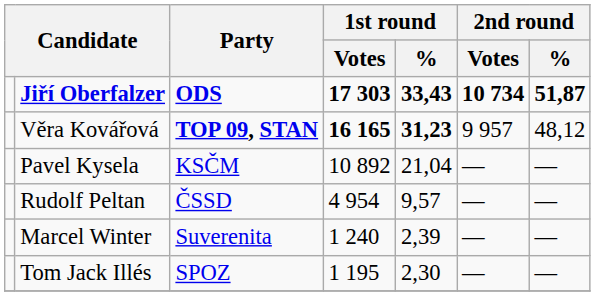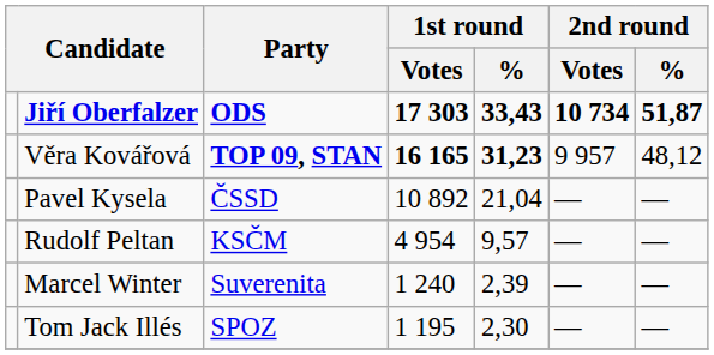 <table class="wikitable sortable">
 <tr>
 <th colspan="2" rowspan="2">Candidate</th>
 <th rowspan="2">Party</th>
 <th colspan="2">1st round</th>
 <th colspan="2">2nd round</th>
 </tr>
 <tr>
 <th>Votes</th>
 <th>%</th>
 <th>Votes</th>
 <th>%</th>
 </tr>
 <tr>
 <td style="background-color:"></td>
 <td><strong><a href='#'>Jiří Oberfalzer</a></strong></td>
 <td><a href='#'><strong>ODS</strong></a></td>
 <td><strong>17 303</strong></td>
 <td><strong>33,43</strong></td>
 <td><strong>10 734</strong></td>
 <td><strong>51,87</strong></td>
 </tr>
 <tr>
 <td style="background-color:"></td>
 <td>Věra Kovářová</td>
 <td><strong><a href='#'>TOP 09</a>, <a href='#'>STAN</a></strong></td>
 <td><strong>16 165</strong></td>
 <td><strong>31,23</strong></td>
 <td>9 957</td>
 <td>48,12</td>
 </tr>
 <tr>
 <td style="background-color:"></td>
 <td>Pavel Kysela</td>
-<td><a href='#'>KSČM</a></td>
+<td><a href='#'>ČSSD</a></td>
 <td>10 892</td>
 <td>21,04</td>
 <td>—</td>
 <td>—</td>
 </tr>
 <tr>
 <td style="background-color:"></td>
 <td>Rudolf Peltan</td>
-<td><a href='#'>ČSSD</a></td>
+<td><a href='#'>KSČM</a></td>
 <td>4 954</td>
 <td>9,57</td>
 <td>—</td>
 <td>—</td>
 </tr>
 <tr>
 <td style="background-color:"></td>
 <td>Marcel Winter</td>
 <td><a href='#'>Suverenita</a></td>
 <td>1 240</td>
 <td>2,39</td>
 <td>—</td>
 <td>—</td>
 </tr>
 <tr>
 <td style="background-color:"></td>
 <td>Tom Jack Illés</td>
 <td><a href='#'>SPOZ</a></td>
 <td>1 195</td>
 <td>2,30</td>
 <td>—</td>
 <td>—</td>
 </tr>
 <tr>
 </tr>
 </table>
